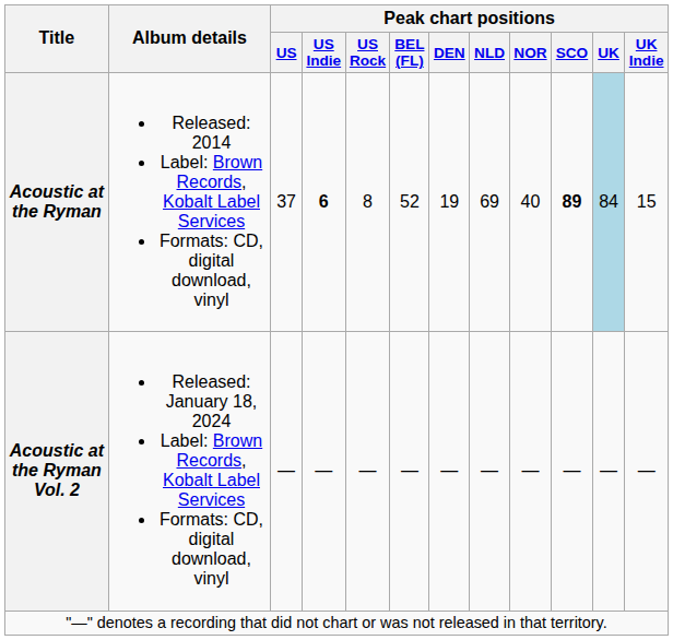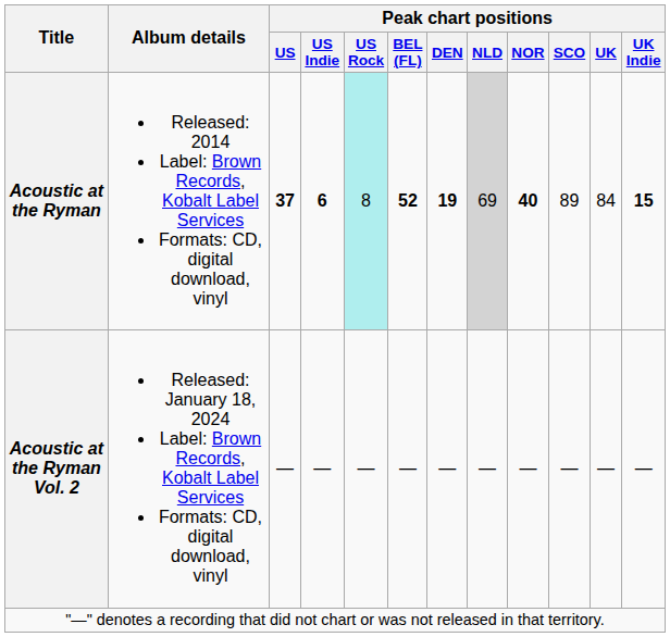 <table class="wikitable plainrowheaders" style="text-align:center;">
 <tr>
 <th scope="col" rowspan="2" style="width:12em;">Title</th>
 <th scope="col" rowspan="2" style="width:18em;">Album details</th>
 <th scope="col" colspan="10">Peak chart positions</th>
 </tr>
 <tr>
 <th scope="col" style="width:3em;font-size:85%;"><a href='#'>US</a><br></th>
 <th scope="col" style="width:3em;font-size:85%;"><a href='#'>US<br>Indie</a><br></th>
 <th scope="col" style="width:3em;font-size:85%;"><a href='#'>US<br>Rock</a><br></th>
 <th scope="col" style="width:3em;font-size:85%;"><a href='#'>BEL<br>(FL)</a><br></th>
 <th scope="col" style="width:3em;font-size:85%;"><a href='#'>DEN</a><br></th>
 <th scope="col" style="width:3em;font-size:85%;"><a href='#'>NLD</a><br></th>
 <th scope="col" style="width:3em;font-size:85%;"><a href='#'>NOR</a><br></th>
 <th scope="col" style="width:3em;font-size:85%;"><a href='#'>SCO</a><br></th>
 <th scope="col" style="width:3em;font-size:85%;"><a href='#'>UK</a><br></th>
 <th scope="col" style="width:3em;font-size:85%;"><a href='#'>UK<br>Indie</a><br></th>
 </tr>
 <tr>
 <th scope="row"><em>Acoustic at the Ryman</em></th>
 <td><br><ul><li>Released: 2014</li><li>Label: <a href='#'>Brown Records</a>, <a href='#'>Kobalt Label Services</a></li><li>Formats: CD, digital download, vinyl</li></ul></td>
-<td>37</td>
+<td><strong>37</strong></td>
 <td><strong>6</strong></td>
-<td>8</td>
-<td>52</td>
-<td>19</td>
-<td>69</td>
-<td>40</td>
-<td><strong>89</strong></td>
-<td style="background: lightblue;">84</td>
-<td>15</td>
+<td style="background: paleturquoise;">8</td>
+<td><strong>52</strong></td>
+<td><strong>19</strong></td>
+<td style="background: lightgrey;">69</td>
+<td><strong>40</strong></td>
+<td>89</td>
+<td>84</td>
+<td><strong>15</strong></td>
 </tr>
 <tr>
 <th scope="row"><em>Acoustic at the Ryman Vol. 2</em></th>
 <td><br><ul><li>Released: January 18, 2024</li><li>Label: <a href='#'>Brown Records</a>, <a href='#'>Kobalt Label Services</a></li><li>Formats: CD, digital download, vinyl</li></ul></td>
 <td>—</td>
 <td>—</td>
 <td>—</td>
 <td>—</td>
 <td>—</td>
 <td>—</td>
 <td>—</td>
 <td>—</td>
 <td>—</td>
 <td>—</td>
 </tr>
 <tr>
 <td colspan="20" style="font-size:90%">"—" denotes a recording that did not chart or was not released in that territory.</td>
 </tr>
 </table>
